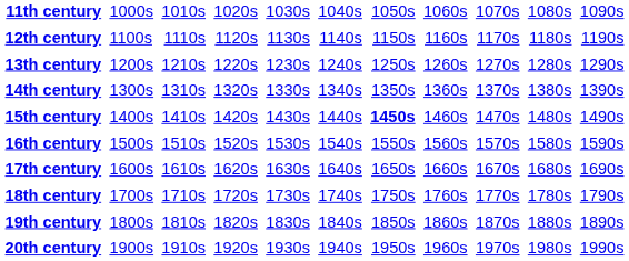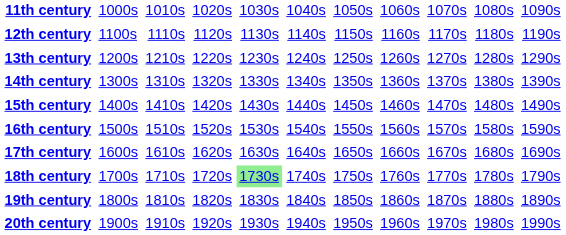 <table cellpadding="3" border="0">
 <tr ---->
 <td align="right"><strong><a href='#'>11th century</a></strong></td>
 <td align="left"><a href='#'>1000s</a></td>
 <td><a href='#'>1010s</a></td>
 <td align="right"><a href='#'>1020s</a></td>
 <td align="right"><a href='#'>1030s</a></td>
 <td align="right"><a href='#'>1040s</a></td>
 <td align="right"><a href='#'>1050s</a></td>
 <td align="right"><a href='#'>1060s</a></td>
 <td align="right"><a href='#'>1070s</a></td>
 <td align="right"><a href='#'>1080s</a></td>
 <td align="right"><a href='#'>1090s</a></td>
 </tr>
 <tr ---->
 <td align="right"><strong><a href='#'>12th century</a></strong></td>
 <td align="left"><a href='#'>1100s</a></td>
 <td align="right"><a href='#'>1110s</a></td>
 <td align="right"><a href='#'>1120s</a></td>
 <td align="right"><a href='#'>1130s</a></td>
 <td align="right"><a href='#'>1140s</a></td>
 <td align="right"><a href='#'>1150s</a></td>
 <td align="right"><a href='#'>1160s</a></td>
 <td align="right"><a href='#'>1170s</a></td>
 <td align="right"><a href='#'>1180s</a></td>
 <td align="right"><a href='#'>1190s</a></td>
 </tr>
 <tr ---->
 <td align="right"><strong><a href='#'>13th century</a></strong></td>
 <td align="left"><a href='#'>1200s</a></td>
 <td align="right"><a href='#'>1210s</a></td>
 <td align="right"><a href='#'>1220s</a></td>
 <td align="right"><a href='#'>1230s</a></td>
 <td align="right"><a href='#'>1240s</a></td>
 <td align="right"><a href='#'>1250s</a></td>
 <td align="right"><a href='#'>1260s</a></td>
 <td align="right"><a href='#'>1270s</a></td>
 <td align="right"><a href='#'>1280s</a></td>
 <td align="right"><a href='#'>1290s</a></td>
 </tr>
 <tr ---->
 <td align="right"><strong><a href='#'>14th century</a></strong></td>
 <td align="left"><a href='#'>1300s</a></td>
 <td align="right"><a href='#'>1310s</a></td>
 <td align="right"><a href='#'>1320s</a></td>
 <td align="right"><a href='#'>1330s</a></td>
 <td align="right"><a href='#'>1340s</a></td>
 <td align="right"><a href='#'>1350s</a></td>
 <td align="right"><a href='#'>1360s</a></td>
 <td align="right"><a href='#'>1370s</a></td>
 <td align="right"><a href='#'>1380s</a></td>
 <td align="right"><a href='#'>1390s</a></td>
 </tr>
 <tr ---->
 <td align="right"><strong><a href='#'>15th century</a></strong></td>
 <td align="left"><a href='#'>1400s</a></td>
 <td align="right"><a href='#'>1410s</a></td>
 <td align="right"><a href='#'>1420s</a></td>
 <td align="right"><a href='#'>1430s</a></td>
 <td align="right"><a href='#'>1440s</a></td>
-<td align="right"><strong><a href='#'>1450s</a></strong></td>
+<td align="right"><a href='#'>1450s</a></td>
 <td align="right"><a href='#'>1460s</a></td>
 <td align="right"><a href='#'>1470s</a></td>
 <td align="right"><a href='#'>1480s</a></td>
 <td align="right"><a href='#'>1490s</a></td>
 </tr>
 <tr ---->
 <td align="right"><strong><a href='#'>16th century</a></strong></td>
 <td align="left"><a href='#'>1500s</a></td>
 <td align="right"><a href='#'>1510s</a></td>
 <td align="right"><a href='#'>1520s</a></td>
 <td align="right"><a href='#'>1530s</a></td>
 <td align="right"><a href='#'>1540s</a></td>
 <td align="right"><a href='#'>1550s</a></td>
 <td align="right"><a href='#'>1560s</a></td>
 <td align="right"><a href='#'>1570s</a></td>
 <td align="right"><a href='#'>1580s</a></td>
 <td align="right"><a href='#'>1590s</a></td>
 </tr>
 <tr ---->
 <td align="right"><strong><a href='#'>17th century</a></strong></td>
 <td align="left"><a href='#'>1600s</a></td>
 <td align="right"><a href='#'>1610s</a></td>
 <td align="right"><a href='#'>1620s</a></td>
 <td align="right"><a href='#'>1630s</a></td>
 <td align="right"><a href='#'>1640s</a></td>
 <td align="right"><a href='#'>1650s</a></td>
 <td align="right"><a href='#'>1660s</a></td>
 <td align="right"><a href='#'>1670s</a></td>
 <td align="right"><a href='#'>1680s</a></td>
 <td align="right"><a href='#'>1690s</a></td>
 </tr>
 <tr ---->
 <td align="right"><strong><a href='#'>18th century</a></strong></td>
 <td align="left"><a href='#'>1700s</a></td>
 <td align="right"><a href='#'>1710s</a></td>
 <td align="right"><a href='#'>1720s</a></td>
-<td align="right"><a href='#'>1730s</a></td>
+<td align="right" style="background: lightgreen;"><a href='#'>1730s</a></td>
 <td align="right"><a href='#'>1740s</a></td>
 <td align="right"><a href='#'>1750s</a></td>
 <td align="right"><a href='#'>1760s</a></td>
 <td align="right"><a href='#'>1770s</a></td>
 <td align="right"><a href='#'>1780s</a></td>
 <td align="right"><a href='#'>1790s</a></td>
 </tr>
 <tr ---->
 <td align="right"><strong><a href='#'>19th century</a></strong></td>
 <td align="left"><a href='#'>1800s</a></td>
 <td align="right"><a href='#'>1810s</a></td>
 <td align="right"><a href='#'>1820s</a></td>
 <td align="right"><a href='#'>1830s</a></td>
 <td align="right"><a href='#'>1840s</a></td>
 <td align="right"><a href='#'>1850s</a></td>
 <td align="right"><a href='#'>1860s</a></td>
 <td align="right"><a href='#'>1870s</a></td>
 <td align="right"><a href='#'>1880s</a></td>
 <td align="right"><a href='#'>1890s</a></td>
 </tr>
 <tr ---->
 <td align="right"><strong><a href='#'>20th century</a></strong></td>
 <td align="left"><a href='#'>1900s</a></td>
 <td align="right"><a href='#'>1910s</a></td>
 <td align="right"><a href='#'>1920s</a></td>
 <td align="right"><a href='#'>1930s</a></td>
 <td align="right"><a href='#'>1940s</a></td>
 <td align="right"><a href='#'>1950s</a></td>
 <td align="right"><a href='#'>1960s</a></td>
 <td align="right"><a href='#'>1970s</a></td>
 <td align="right"><a href='#'>1980s</a></td>
 <td align="right"><a href='#'>1990s</a></td>
 </tr>
 </table>
